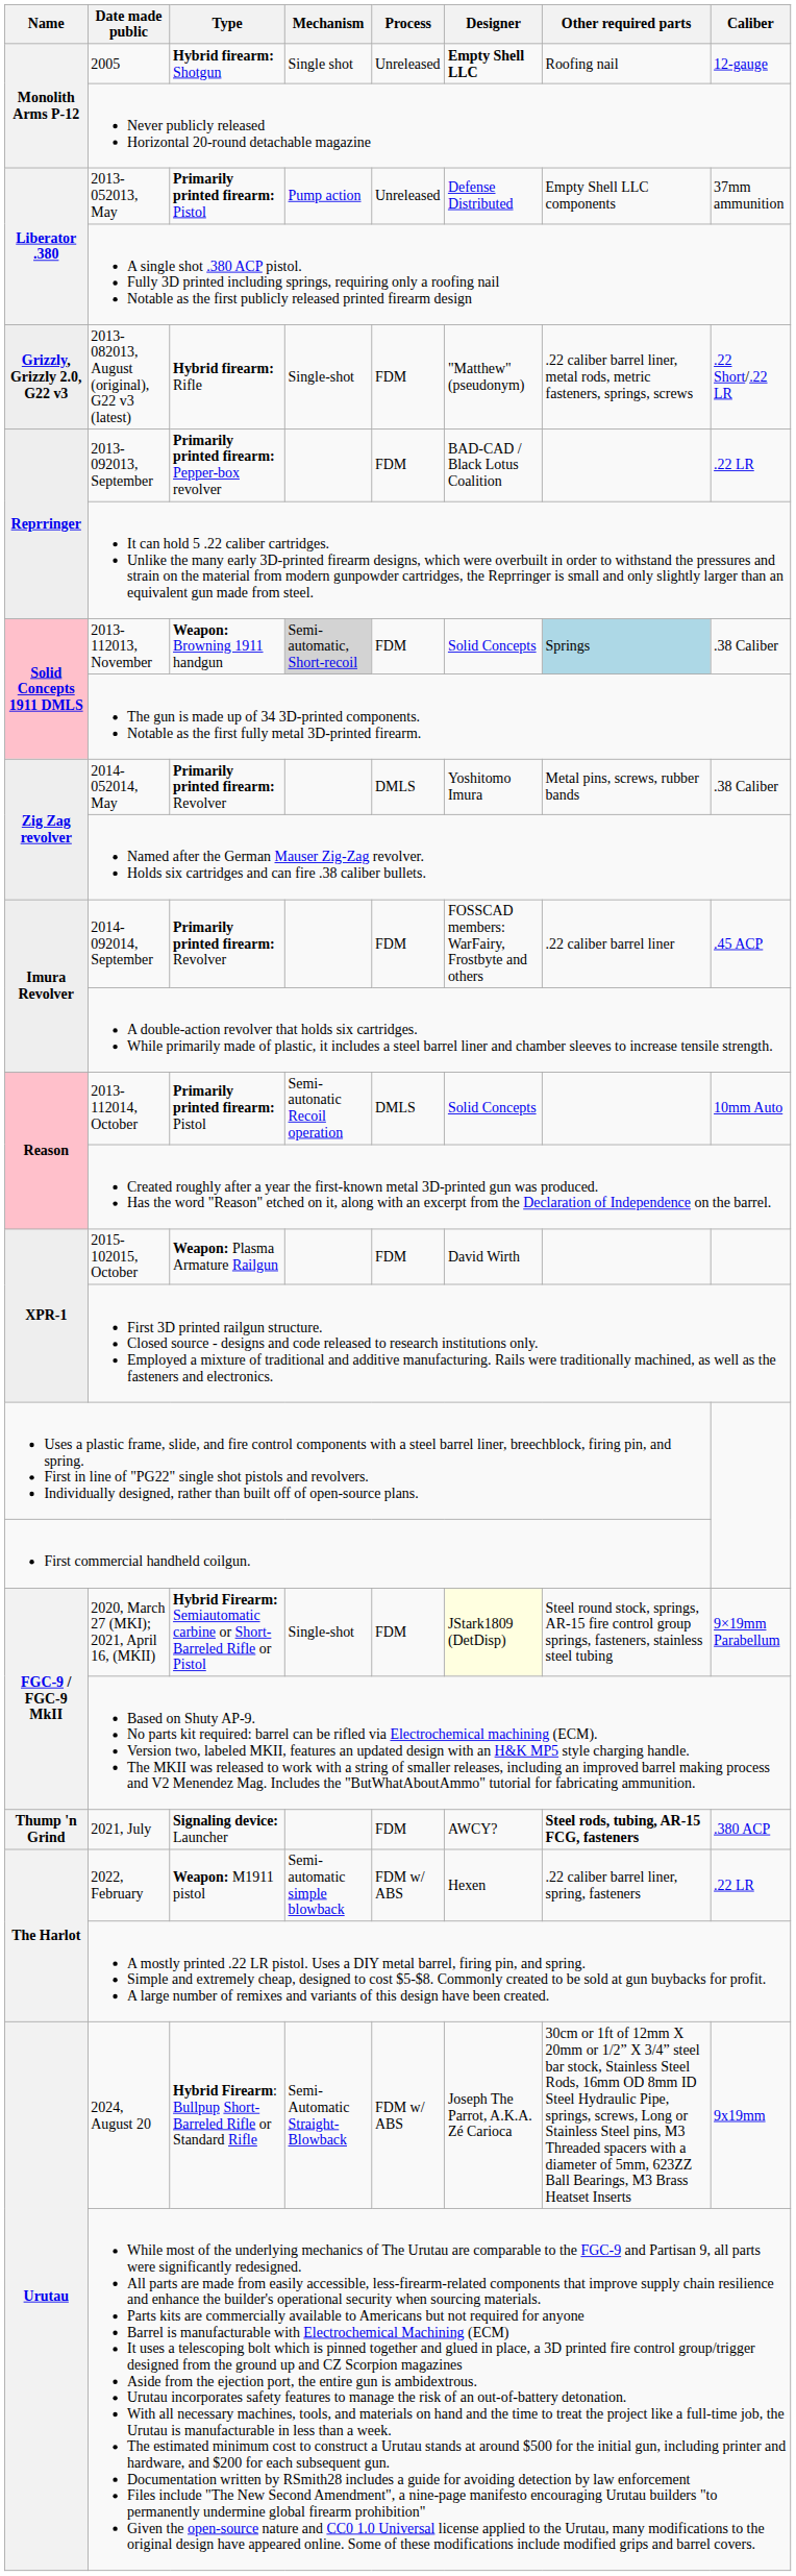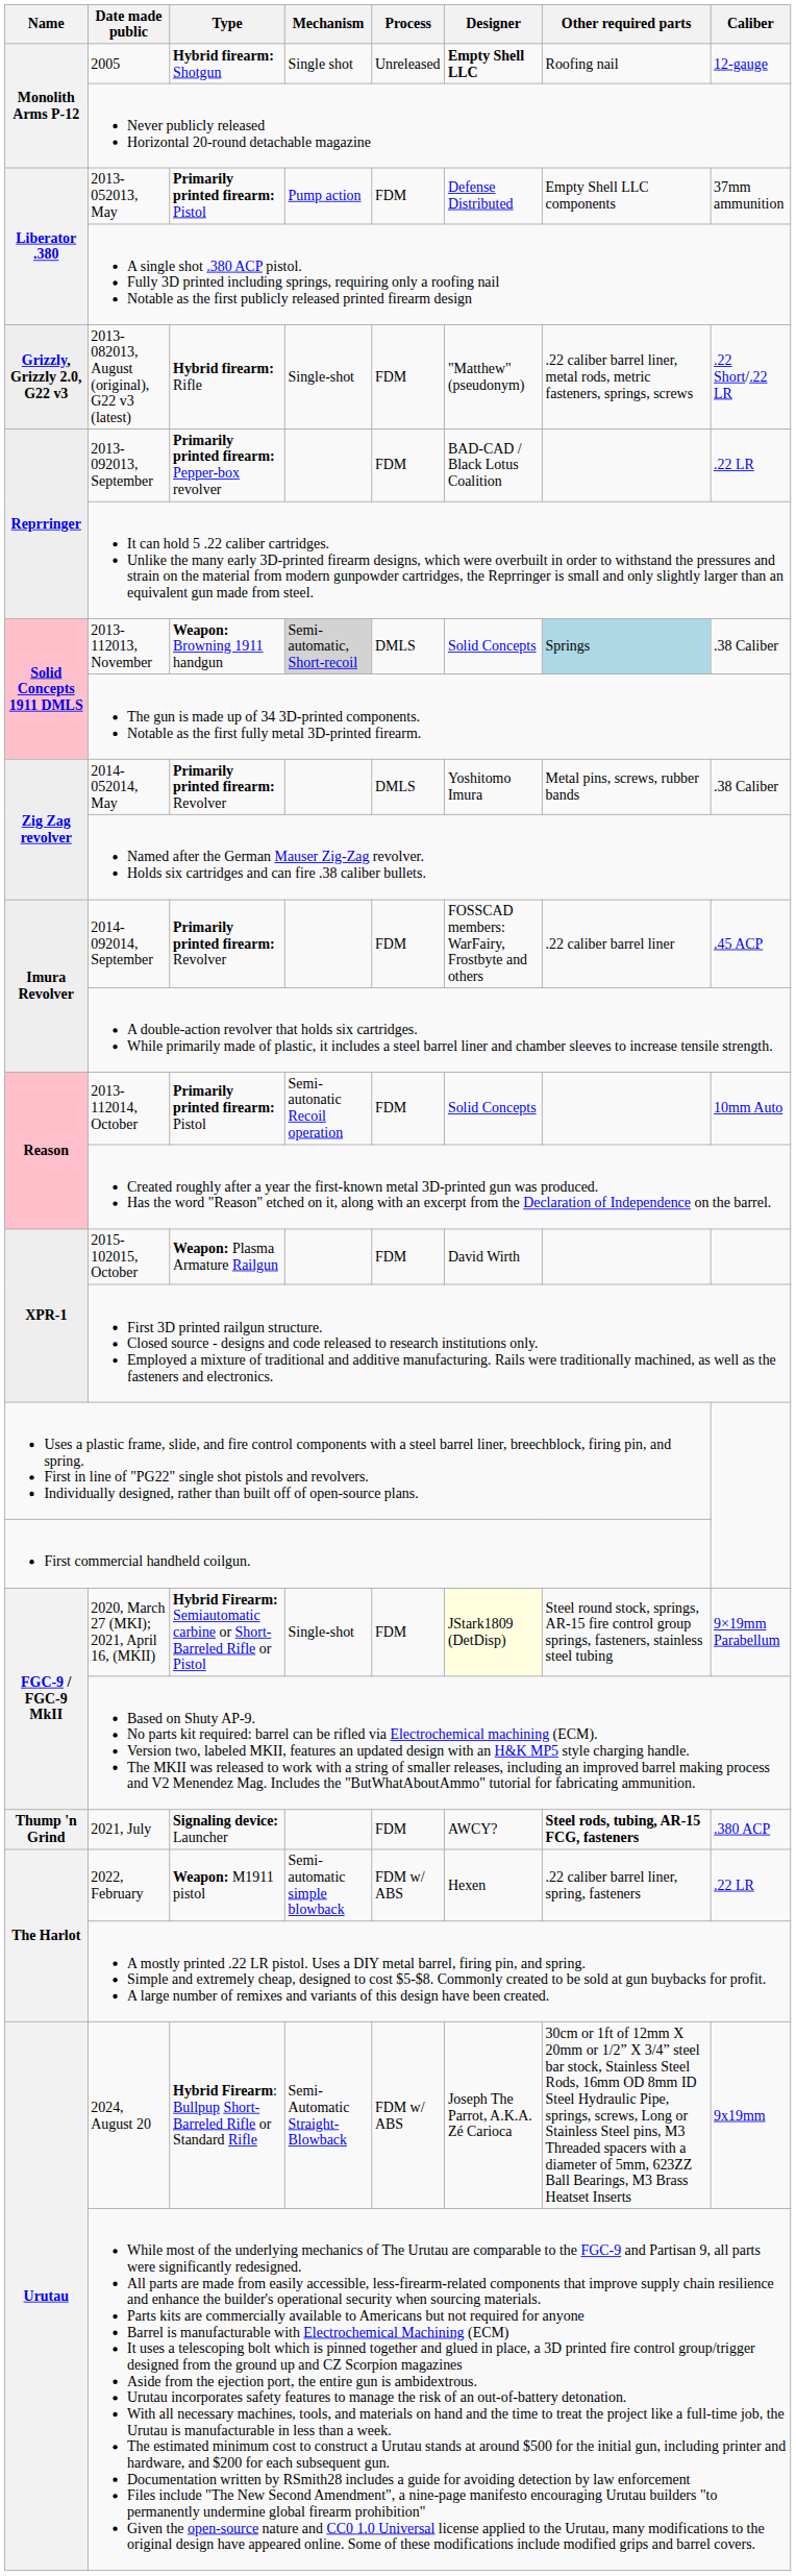 <table class="wikitable sortable" style="text-align: left;">
 <tr>
 <th>Name</th>
 <th>Date made public</th>
 <th>Type</th>
 <th>Mechanism</th>
 <th>Process</th>
 <th>Designer</th>
 <th>Other required parts</th>
 <th>Caliber</th>
 </tr>
 <tr>
 <th rowspan="2">Monolith Arms P-12</th>
 <td>2005</td>
 <td><strong>Hybrid firearm:</strong> <a href='#'>Shotgun</a></td>
 <td>Single shot</td>
 <td>Unreleased</td>
 <td><strong>Empty Shell LLC</strong></td>
 <td>Roofing nail</td>
 <td><a href='#'>12-gauge</a></td>
 </tr>
 <tr>
 <td colspan="7"><br><ul><li>Never publicly released</li><li>Horizontal 20-round detachable magazine</li></ul></td>
 </tr>
 <tr>
 <th rowspan="2"><a href='#'>Liberator .380</a></th>
 <td><span>2013-05</span>2013, May</td>
 <td><strong>Primarily printed firearm:</strong> <a href='#'>Pistol</a></td>
 <td><a href='#'>Pump action</a></td>
-<td>Unreleased</td>
+<td>FDM</td>
 <td><a href='#'>Defense Distributed</a></td>
 <td>Empty Shell LLC components</td>
 <td>37mm ammunition</td>
 </tr>
 <tr>
 <td colspan="7"><br><ul><li>A single shot <a href='#'>.380 ACP</a> pistol.</li><li>Fully 3D printed including springs, requiring only a roofing nail</li><li>Notable as the first publicly released printed firearm design</li></ul></td>
 </tr>
 <tr>
 <th style="background: #EEEEEE;"><a href='#'>Grizzly</a>,<br>Grizzly 2.0, G22 v3</th>
 <td><span>2013-08</span>2013, August (original), G22 v3 (latest)</td>
 <td><strong>Hybrid firearm:</strong> Rifle</td>
 <td>Single-shot</td>
 <td>FDM</td>
 <td>"Matthew" (pseudonym)</td>
 <td>.22 caliber barrel liner, metal rods, metric fasteners, springs, screws</td>
 <td><a href='#'>.22 Short</a>/<a href='#'>.22 LR</a></td>
 </tr>
 <tr>
 <th rowspan="2" style="background: #EEEEEE;"><a href='#'>Reprringer</a></th>
 <td><span>2013-09</span>2013, September</td>
 <td><strong>Primarily printed firearm:</strong> <a href='#'>Pepper-box</a> revolver</td>
 <td></td>
 <td>FDM</td>
 <td>BAD-CAD / Black Lotus Coalition</td>
 <td></td>
 <td><a href='#'>.22 LR</a></td>
 </tr>
 <tr>
 <td colspan="7"><br><ul><li>It can hold 5 .22 caliber cartridges.</li><li>Unlike the many early 3D-printed firearm designs, which were overbuilt in order to withstand the pressures and strain on the material from modern gunpowder cartridges, the Reprringer is small and only slightly larger than an equivalent gun made from steel.</li></ul></td>
 </tr>
 <tr>
 <th rowspan="2" style="background: pink"><a href='#'>Solid Concepts 1911 DMLS</a></th>
 <td><span>2013-11</span>2013, November</td>
 <td><strong>Weapon:</strong> <a href='#'>Browning 1911</a> handgun</td>
 <td style="background: lightgrey;">Semi-automatic, <a href='#'>Short-recoil</a></td>
-<td>FDM</td>
+<td>DMLS</td>
 <td><a href='#'>Solid Concepts</a></td>
 <td style="background: lightblue;">Springs</td>
 <td>.38 Caliber</td>
 </tr>
 <tr>
 <td colspan="7"><br><ul><li>The gun is made up of 34 3D-printed components.</li><li>Notable as the first fully metal 3D-printed firearm.</li></ul></td>
 </tr>
 <tr>
 <th rowspan="2" style="background: #EEEEEE;"><a href='#'>Zig Zag revolver</a></th>
 <td><span>2014-05</span>2014, May</td>
 <td><strong>Primarily printed firearm:</strong> Revolver</td>
 <td></td>
 <td>DMLS</td>
 <td>Yoshitomo Imura</td>
 <td>Metal pins, screws, rubber bands</td>
 <td>.38 Caliber</td>
 </tr>
 <tr>
 <td colspan="7"><br><ul><li>Named after the German <a href='#'>Mauser Zig-Zag</a> revolver.</li><li>Holds six cartridges and can fire .38 caliber bullets.</li></ul></td>
 </tr>
 <tr>
 <th rowspan="2" style="background: #EEEEEE;">Imura Revolver</th>
 <td><span>2014-09</span>2014, September</td>
 <td><strong>Primarily printed firearm:</strong> Revolver</td>
 <td></td>
 <td>FDM</td>
 <td>FOSSCAD members: WarFairy, Frostbyte and others</td>
 <td>.22 caliber barrel liner</td>
 <td><a href='#'>.45 ACP</a></td>
 </tr>
 <tr>
 <td colspan="7"><br><ul><li>A double-action revolver that holds six cartridges.</li><li>While primarily made of plastic, it includes a steel barrel liner and chamber sleeves to increase tensile strength.</li></ul></td>
 </tr>
 <tr>
 <th rowspan="2" style="background: pink">Reason</th>
 <td><span>2013-11</span>2014, October</td>
 <td><strong>Primarily printed firearm:</strong> Pistol</td>
 <td>Semi-autonatic <a href='#'>Recoil operation</a></td>
-<td>DMLS</td>
+<td>FDM</td>
 <td><a href='#'>Solid Concepts</a></td>
 <td></td>
 <td><a href='#'>10mm Auto</a></td>
 </tr>
 <tr>
 <td colspan="7"><br><ul><li>Created roughly after a year the first-known metal 3D-printed gun was produced.</li><li>Has the word "Reason" etched on it, along with an excerpt from the <a href='#'>Declaration of Independence</a> on the barrel.</li></ul></td>
 </tr>
 <tr>
 <th rowspan="2" style="background: #EEEEEE;">XPR-1</th>
 <td><span>2015-10</span>2015, October</td>
 <td><strong>Weapon:</strong> Plasma Armature <a href='#'>Railgun</a></td>
 <td></td>
 <td>FDM</td>
 <td>David Wirth</td>
 <td></td>
 <td></td>
 </tr>
 <tr>
 <td colspan="7"><br><ul><li>First 3D printed railgun structure.</li><li>Closed source - designs and code released to research institutions only.</li><li>Employed a mixture of traditional and additive manufacturing.  Rails were traditionally machined, as well as the fasteners and electronics.</li></ul></td>
 </tr>
 <tr>
 <td colspan="7"><br><ul><li>Uses a plastic frame, slide, and fire control components with a steel barrel liner, breechblock, firing pin, and spring.</li><li>First in line of "PG22" single shot pistols and revolvers.</li><li>Individually designed, rather than built off of open-source plans.</li></ul></td>
 </tr>
 <tr>
 <td colspan="7"><br><ul><li>First commercial handheld coilgun.</li></ul></td>
 </tr>
 <tr>
 <th rowspan="2"><a href='#'>FGC-9</a> /<br>FGC-9 MkII</th>
 <td>2020, March 27 (MKI); 2021, April 16, (MKII)</td>
 <td><strong>Hybrid Firearm:</strong> <a href='#'>Semiautomatic</a> <a href='#'>carbine</a> or <a href='#'>Short-Barreled Rifle</a> or <a href='#'>Pistol</a></td>
 <td>Single-shot</td>
 <td>FDM</td>
 <td style="background: lightyellow;">JStark1809 (DetDisp)</td>
 <td>Steel round stock, springs,<br>AR-15 fire control group springs, fasteners, stainless steel tubing</td>
 <td><a href='#'>9×19mm Parabellum</a></td>
 </tr>
 <tr>
 <td colspan="7"><br><ul><li>Based on Shuty AP-9.</li><li>No parts kit required: barrel can be rifled via <a href='#'>Electrochemical machining</a> (ECM).</li><li>Version two, labeled MKII, features an updated design with an <a href='#'>H&K MP5</a> style charging handle.</li><li>The MKII was released to work with a string of smaller releases, including an improved barrel making process and V2 Menendez Mag. Includes the "ButWhatAboutAmmo" tutorial for fabricating ammunition.</li></ul></td>
 </tr>
 <tr>
 <th>Thump 'n Grind</th>
 <td>2021, July</td>
 <td><strong>Signaling device:</strong> Launcher</td>
 <td></td>
 <td>FDM</td>
 <td>AWCY?</td>
 <td><strong>Steel rods, tubing, AR-15 FCG, fasteners</strong></td>
 <td><a href='#'>.380 ACP</a></td>
 </tr>
 <tr>
 <th rowspan="2">The Harlot</th>
 <td>2022, February</td>
 <td><strong>Weapon:</strong> M1911 pistol</td>
 <td>Semi-automatic <a href='#'>simple blowback</a></td>
 <td>FDM w/ ABS</td>
 <td>Hexen</td>
 <td>.22 caliber barrel liner, spring, fasteners</td>
 <td><a href='#'>.22 LR</a></td>
 </tr>
 <tr>
 <td colspan="7"><br><ul><li>A mostly printed .22 LR pistol. Uses a DIY metal barrel, firing pin, and spring.</li><li>Simple and extremely cheap, designed to cost $5-$8. Commonly created to be sold at gun buybacks for profit.</li><li>A large number of remixes and variants of this design have been created.</li></ul></td>
 </tr>
 <tr>
 <th rowspan="2"><a href='#'>Urutau</a><br></th>
 <td>2024, August 20</td>
 <td><strong>Hybrid Firearm</strong>: <a href='#'>Bullpup</a> <a href='#'>Short-Barreled Rifle</a> or Standard <a href='#'>Rifle</a></td>
 <td>Semi-Automatic <a href='#'>Straight-Blowback</a></td>
 <td>FDM w/ ABS</td>
 <td>Joseph The Parrot, A.K.A. Zé Carioca</td>
 <td>30cm or 1ft of 12mm X 20mm or 1/2” X 3/4” steel bar stock, Stainless Steel Rods, 16mm OD 8mm ID Steel Hydraulic Pipe, springs, screws, Long or Stainless Steel pins, M3 Threaded spacers with a diameter of 5mm, 623ZZ Ball Bearings, M3 Brass Heatset Inserts</td>
 <td><a href='#'>9x19mm</a></td>
 </tr>
 <tr>
 <td colspan="7"><br><ul><li>While most of the underlying mechanics of The Urutau are comparable to the <a href='#'>FGC-9</a> and Partisan 9, all parts were significantly redesigned.</li><li>All parts are made from easily accessible, less-firearm-related components that improve supply chain resilience and enhance the builder's operational security when sourcing materials.</li><li>Parts kits are commercially available to Americans but not required for anyone</li><li>Barrel is manufacturable with <a href='#'>Electrochemical Machining</a> (ECM)</li><li>It uses a telescoping bolt which is pinned together and glued in place, a 3D printed fire control group/trigger designed from the ground up and CZ Scorpion magazines</li><li>Aside from the ejection port, the entire gun is ambidextrous.</li><li>Urutau incorporates safety features to manage the risk of an out-of-battery detonation.</li><li>With all necessary machines, tools, and materials on hand and the time to treat the project like a full-time job, the Urutau is manufacturable in less than a week.</li><li>The estimated minimum cost to construct a Urutau stands at around $500 for the initial gun, including printer and hardware, and $200 for each subsequent gun.</li><li>Documentation written by RSmith28 includes a guide for avoiding detection by law enforcement</li><li>Files include "The New Second Amendment", a nine-page manifesto encouraging Urutau builders "to permanently undermine global firearm prohibition"</li><li>Given the <a href='#'>open-source</a> nature and <a href='#'>CC0 1.0 Universal</a> license applied to the Urutau, many modifications to the original design have appeared online. Some of these modifications include modified grips and barrel covers.</li></ul></td>
 </tr>
 </table>
